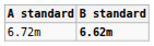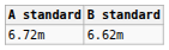 <table class="wikitable" border="1" align="upright">
 <tr>
 <th>A standard</th>
 <th>B standard</th>
 </tr>
 <tr>
 <td>6.72m</td>
-<td><strong>6.62m</strong></td>
+<td>6.62m</td>
 </tr>
 </table>
